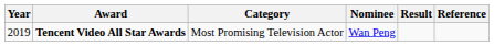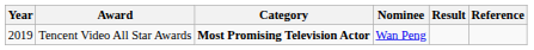 <table class="wikitable sortable">
 <tr>
 <th>Year</th>
 <th>Award</th>
 <th>Category</th>
 <th>Nominee</th>
 <th>Result</th>
 <th>Reference</th>
 </tr>
 <tr>
 <td>2019</td>
-<td><strong>Tencent Video All Star Awards</strong></td>
-<td>Most Promising Television Actor</td>
+<td>Tencent Video All Star Awards</td>
+<td><strong>Most Promising Television Actor</strong></td>
 <td><a href='#'>Wan Peng</a></td>
 <td></td>
 <td></td>
 </tr>
 </table>
